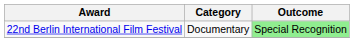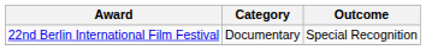 <table class="wikitable" style="font-size: 95%;">
 <tr style="background:#ccc; text-align:center;">
 <th>Award</th>
 <th>Category</th>
 <th>Outcome</th>
 </tr>
 <tr>
 <td><a href='#'>22nd Berlin International Film Festival</a></td>
 <td>Documentary</td>
-<td style="background: lightgreen;">Special Recognition</td>
+<td>Special Recognition</td>
 </tr>
 <tr>
 </tr>
 </table>
